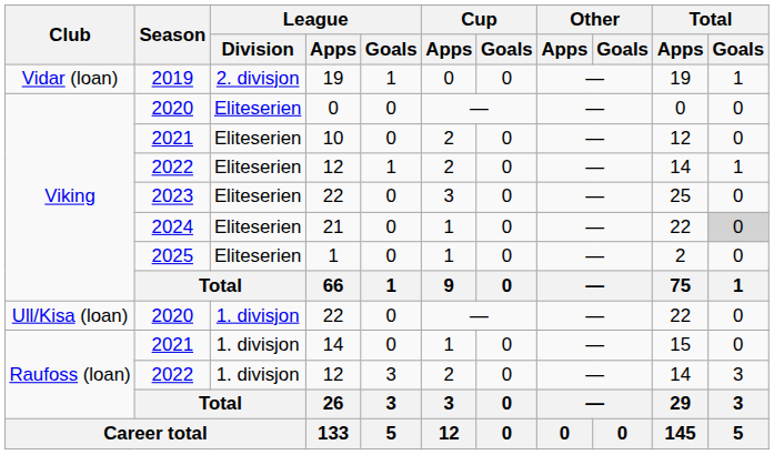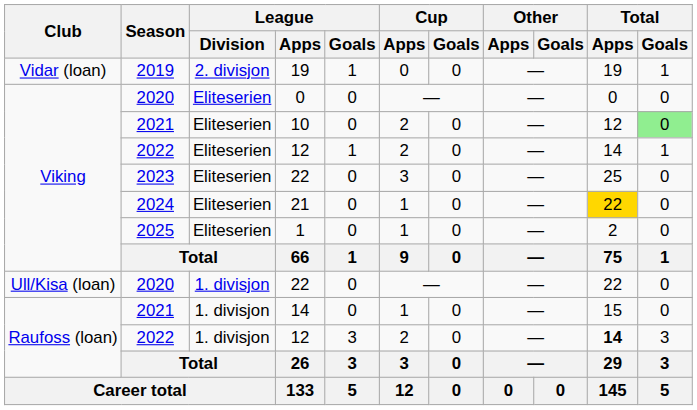 <table class="wikitable" style="text-align: center;">
 <tr>
 <th rowspan="2">Club</th>
 <th rowspan="2">Season</th>
 <th colspan="3">League</th>
 <th colspan="2">Cup</th>
 <th colspan="2">Other</th>
 <th colspan="2">Total</th>
 </tr>
 <tr>
 <th>Division</th>
 <th>Apps</th>
 <th>Goals</th>
 <th>Apps</th>
 <th>Goals</th>
 <th>Apps</th>
 <th>Goals</th>
 <th>Apps</th>
 <th>Goals</th>
 </tr>
 <tr>
 <td><a href='#'>Vidar</a> (loan)</td>
 <td><a href='#'>2019</a></td>
 <td><a href='#'>2. divisjon</a></td>
 <td>19</td>
 <td>1</td>
 <td>0</td>
 <td>0</td>
 <td colspan="2">—</td>
 <td>19</td>
 <td>1</td>
 </tr>
 <tr>
 <td rowspan="7"><a href='#'>Viking</a></td>
 <td><a href='#'>2020</a></td>
 <td><a href='#'>Eliteserien</a></td>
 <td>0</td>
 <td>0</td>
 <td colspan="2">—</td>
 <td colspan="2">—</td>
 <td>0</td>
 <td>0</td>
 </tr>
 <tr>
 <td><a href='#'>2021</a></td>
 <td>Eliteserien</td>
 <td>10</td>
 <td>0</td>
 <td>2</td>
 <td>0</td>
 <td colspan="2">—</td>
 <td>12</td>
-<td>0</td>
+<td style="background: lightgreen;">0</td>
 </tr>
 <tr>
 <td><a href='#'>2022</a></td>
 <td>Eliteserien</td>
 <td>12</td>
 <td>1</td>
 <td>2</td>
 <td>0</td>
 <td colspan="2">—</td>
 <td>14</td>
 <td>1</td>
 </tr>
 <tr>
 <td><a href='#'>2023</a></td>
 <td>Eliteserien</td>
 <td>22</td>
 <td>0</td>
 <td>3</td>
 <td>0</td>
 <td colspan="2">—</td>
 <td>25</td>
 <td>0</td>
 </tr>
 <tr>
 <td><a href='#'>2024</a></td>
 <td>Eliteserien</td>
 <td>21</td>
 <td>0</td>
 <td>1</td>
 <td>0</td>
 <td colspan="2">—</td>
-<td>22</td>
-<td style="background: lightgrey;">0</td>
+<td style="background: gold;">22</td>
+<td>0</td>
 </tr>
 <tr>
 <td><a href='#'>2025</a></td>
 <td>Eliteserien</td>
 <td>1</td>
 <td>0</td>
 <td>1</td>
 <td>0</td>
 <td colspan="2">—</td>
 <td>2</td>
 <td>0</td>
 </tr>
 <tr>
 <th colspan="2">Total</th>
 <th>66</th>
 <th>1</th>
 <th>9</th>
 <th>0</th>
 <th colspan="2">—</th>
 <th>75</th>
 <th>1</th>
 </tr>
 <tr>
 <td><a href='#'>Ull/Kisa</a> (loan)</td>
 <td><a href='#'>2020</a></td>
 <td><a href='#'>1. divisjon</a></td>
 <td>22</td>
 <td>0</td>
 <td colspan="2">—</td>
 <td colspan="2">—</td>
 <td>22</td>
 <td>0</td>
 </tr>
 <tr>
 <td rowspan="3"><a href='#'>Raufoss</a> (loan)</td>
 <td><a href='#'>2021</a></td>
 <td>1. divisjon</td>
 <td>14</td>
 <td>0</td>
 <td>1</td>
 <td>0</td>
 <td colspan="2">—</td>
 <td>15</td>
 <td>0</td>
 </tr>
 <tr>
 <td><a href='#'>2022</a></td>
 <td>1. divisjon</td>
 <td>12</td>
 <td>3</td>
 <td>2</td>
 <td>0</td>
 <td colspan="2">—</td>
-<td>14</td>
+<td><strong>14</strong></td>
 <td>3</td>
 </tr>
 <tr>
 <th colspan="2">Total</th>
 <th>26</th>
 <th>3</th>
 <th>3</th>
 <th>0</th>
 <th colspan="2">—</th>
 <th>29</th>
 <th>3</th>
 </tr>
 <tr>
 <th colspan="3">Career total</th>
 <th>133</th>
 <th>5</th>
 <th>12</th>
 <th>0</th>
 <th>0</th>
 <th>0</th>
 <th>145</th>
 <th>5</th>
 </tr>
 </table>
